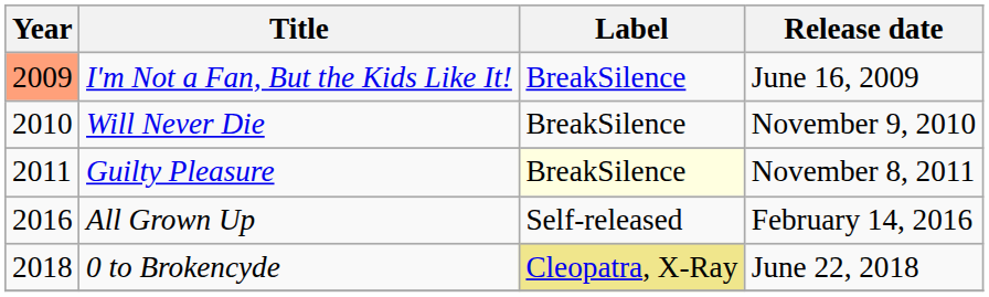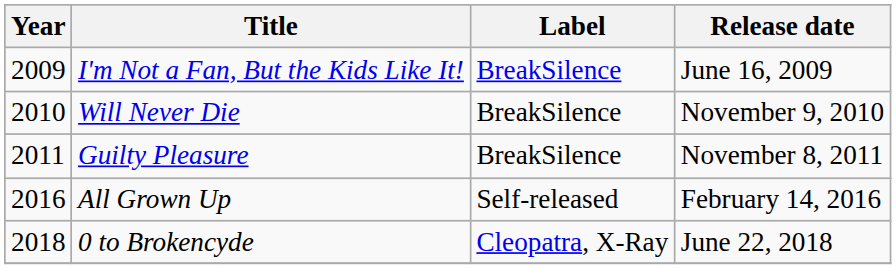 <table class="wikitable">
 <tr>
 <th>Year</th>
 <th>Title</th>
 <th>Label</th>
 <th>Release date</th>
 </tr>
 <tr>
-<td style="background: lightsalmon;">2009</td>
+<td>2009</td>
 <td><em><a href='#'>I'm Not a Fan, But the Kids Like It!</a></em></td>
 <td><a href='#'>BreakSilence</a></td>
 <td>June 16, 2009</td>
 </tr>
 <tr>
 <td>2010</td>
 <td><em><a href='#'>Will Never Die</a></em></td>
 <td>BreakSilence</td>
 <td>November 9, 2010</td>
 </tr>
 <tr>
 <td>2011</td>
 <td><em><a href='#'>Guilty Pleasure</a></em></td>
-<td style="background: lightyellow;">BreakSilence</td>
+<td>BreakSilence</td>
 <td>November 8, 2011</td>
 </tr>
 <tr>
 <td>2016</td>
 <td><em>All Grown Up</em></td>
 <td>Self-released</td>
 <td>February 14, 2016</td>
 </tr>
 <tr>
 <td>2018</td>
 <td><em>0 to Brokencyde</em></td>
-<td style="background: khaki;"><a href='#'>Cleopatra</a>, X-Ray</td>
+<td><a href='#'>Cleopatra</a>, X-Ray</td>
 <td>June 22, 2018</td>
 </tr>
 <tr>
 </tr>
 </table>
